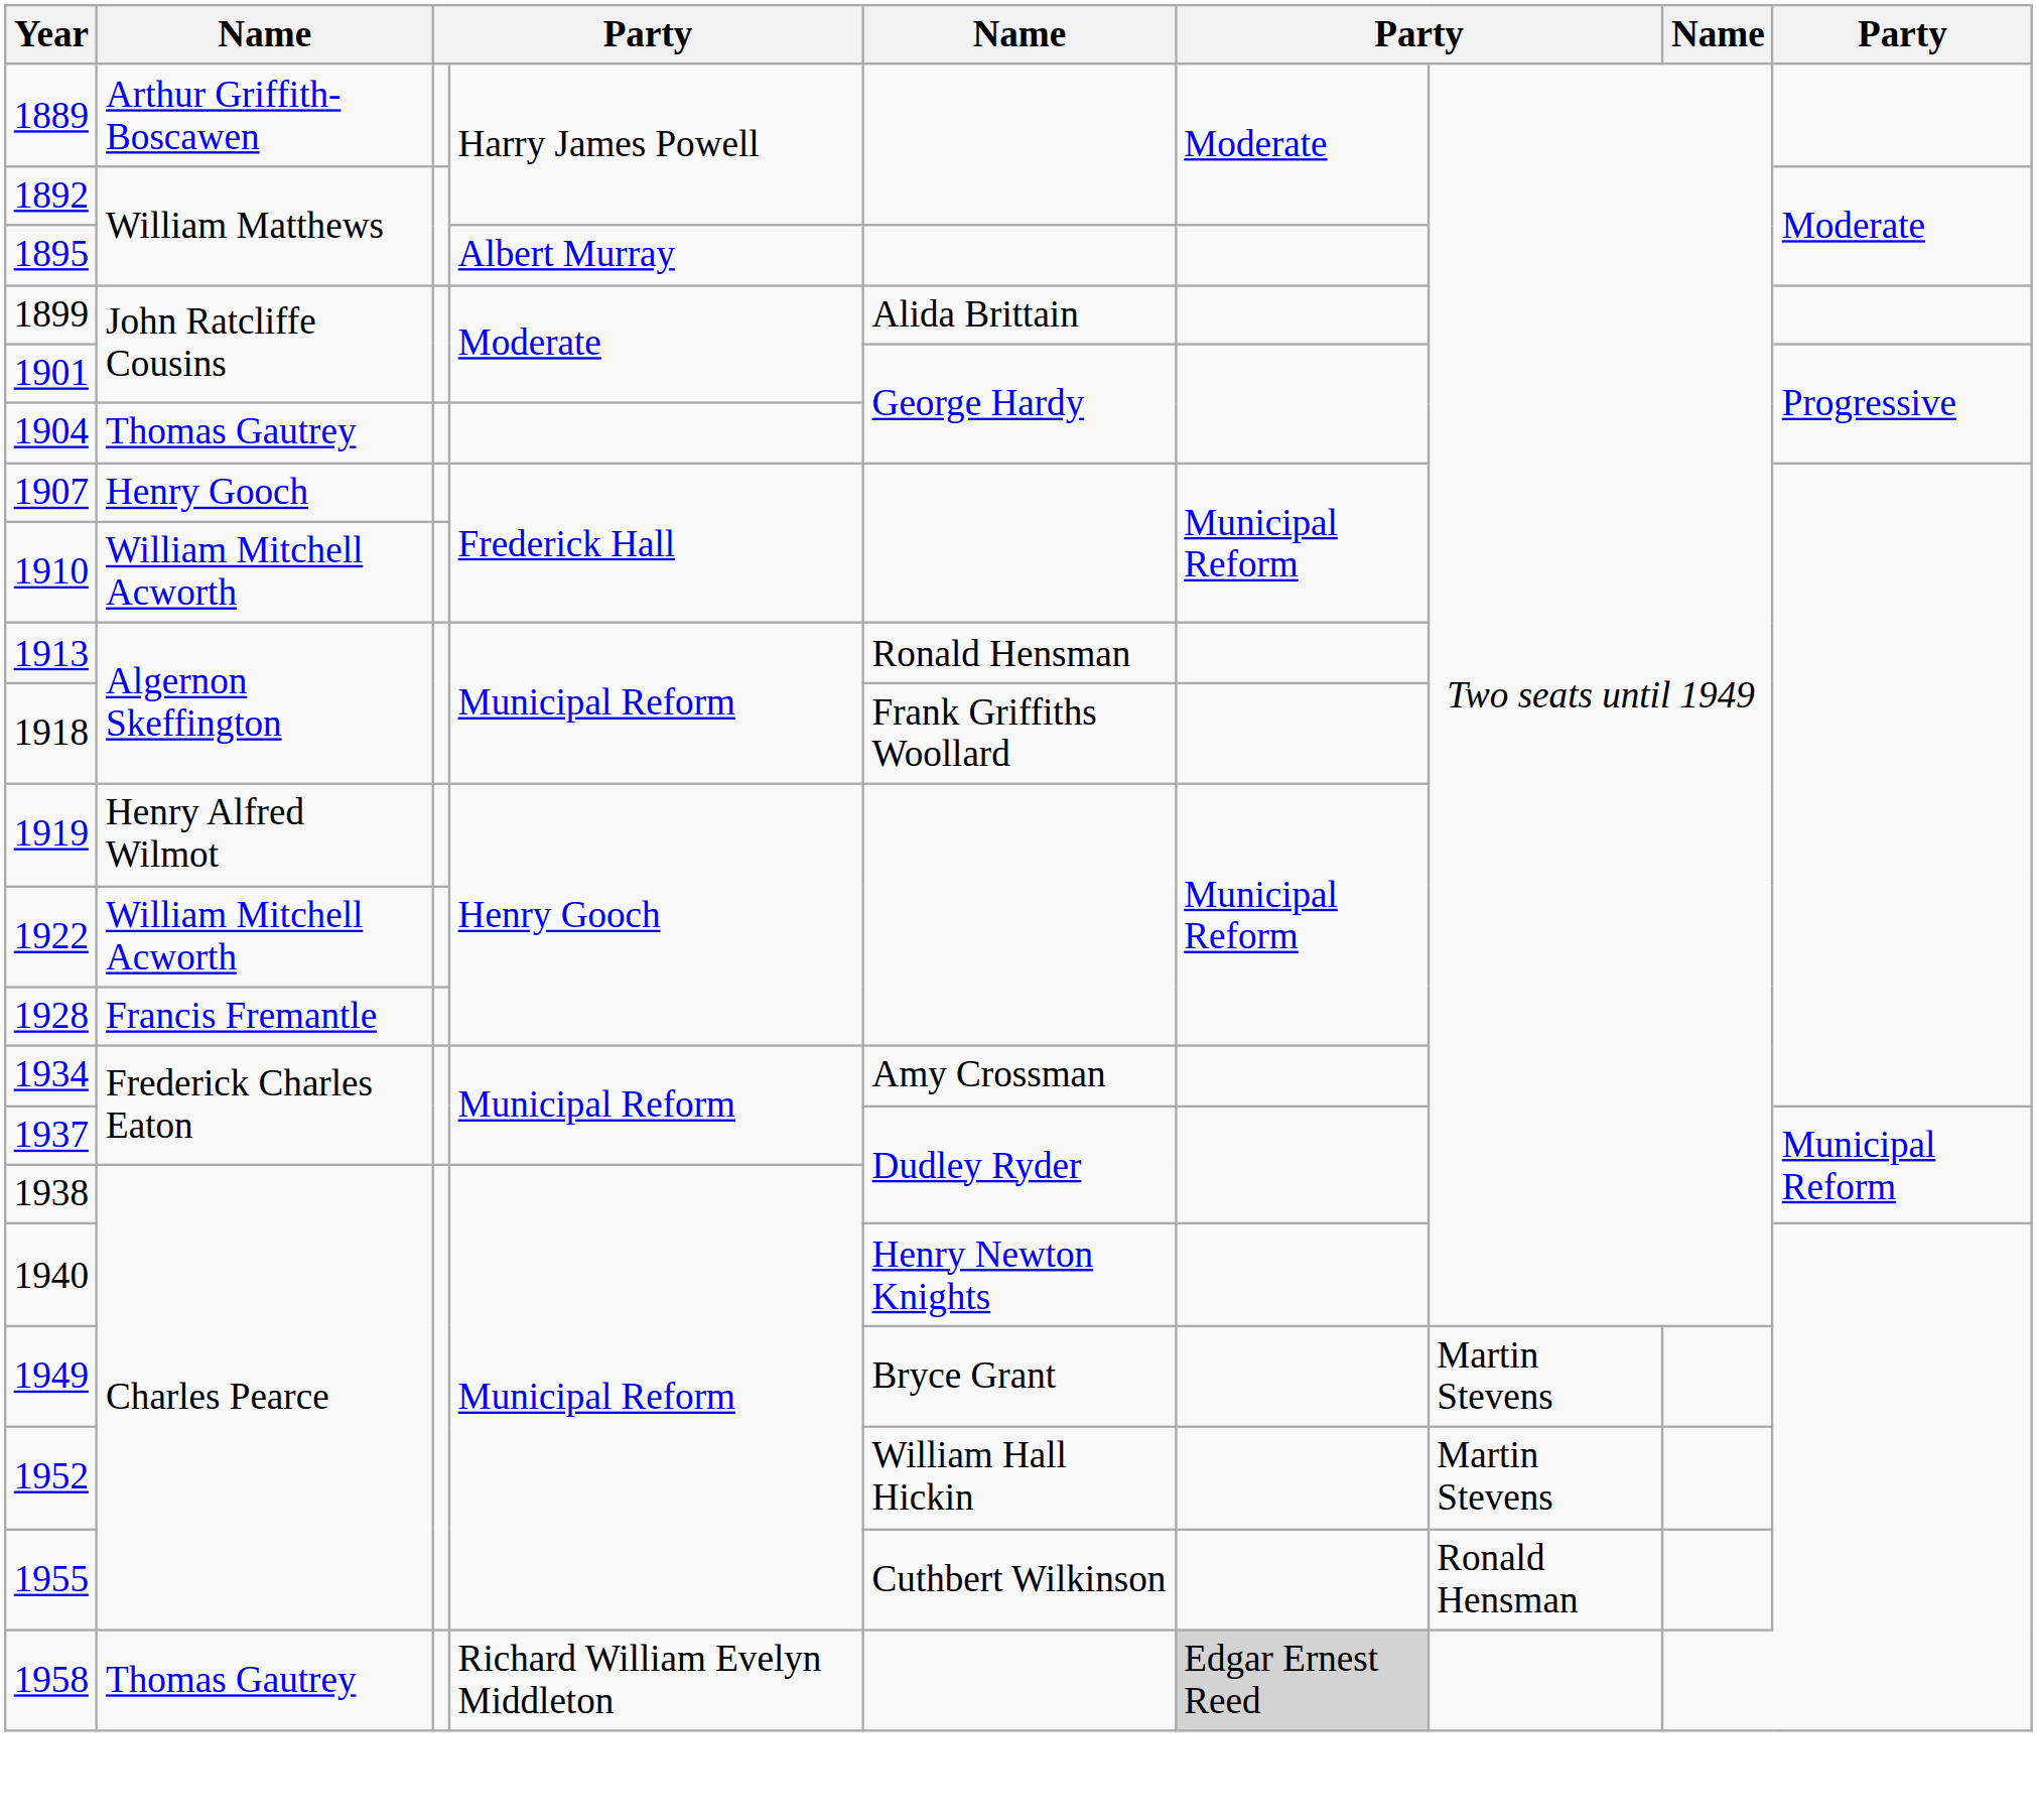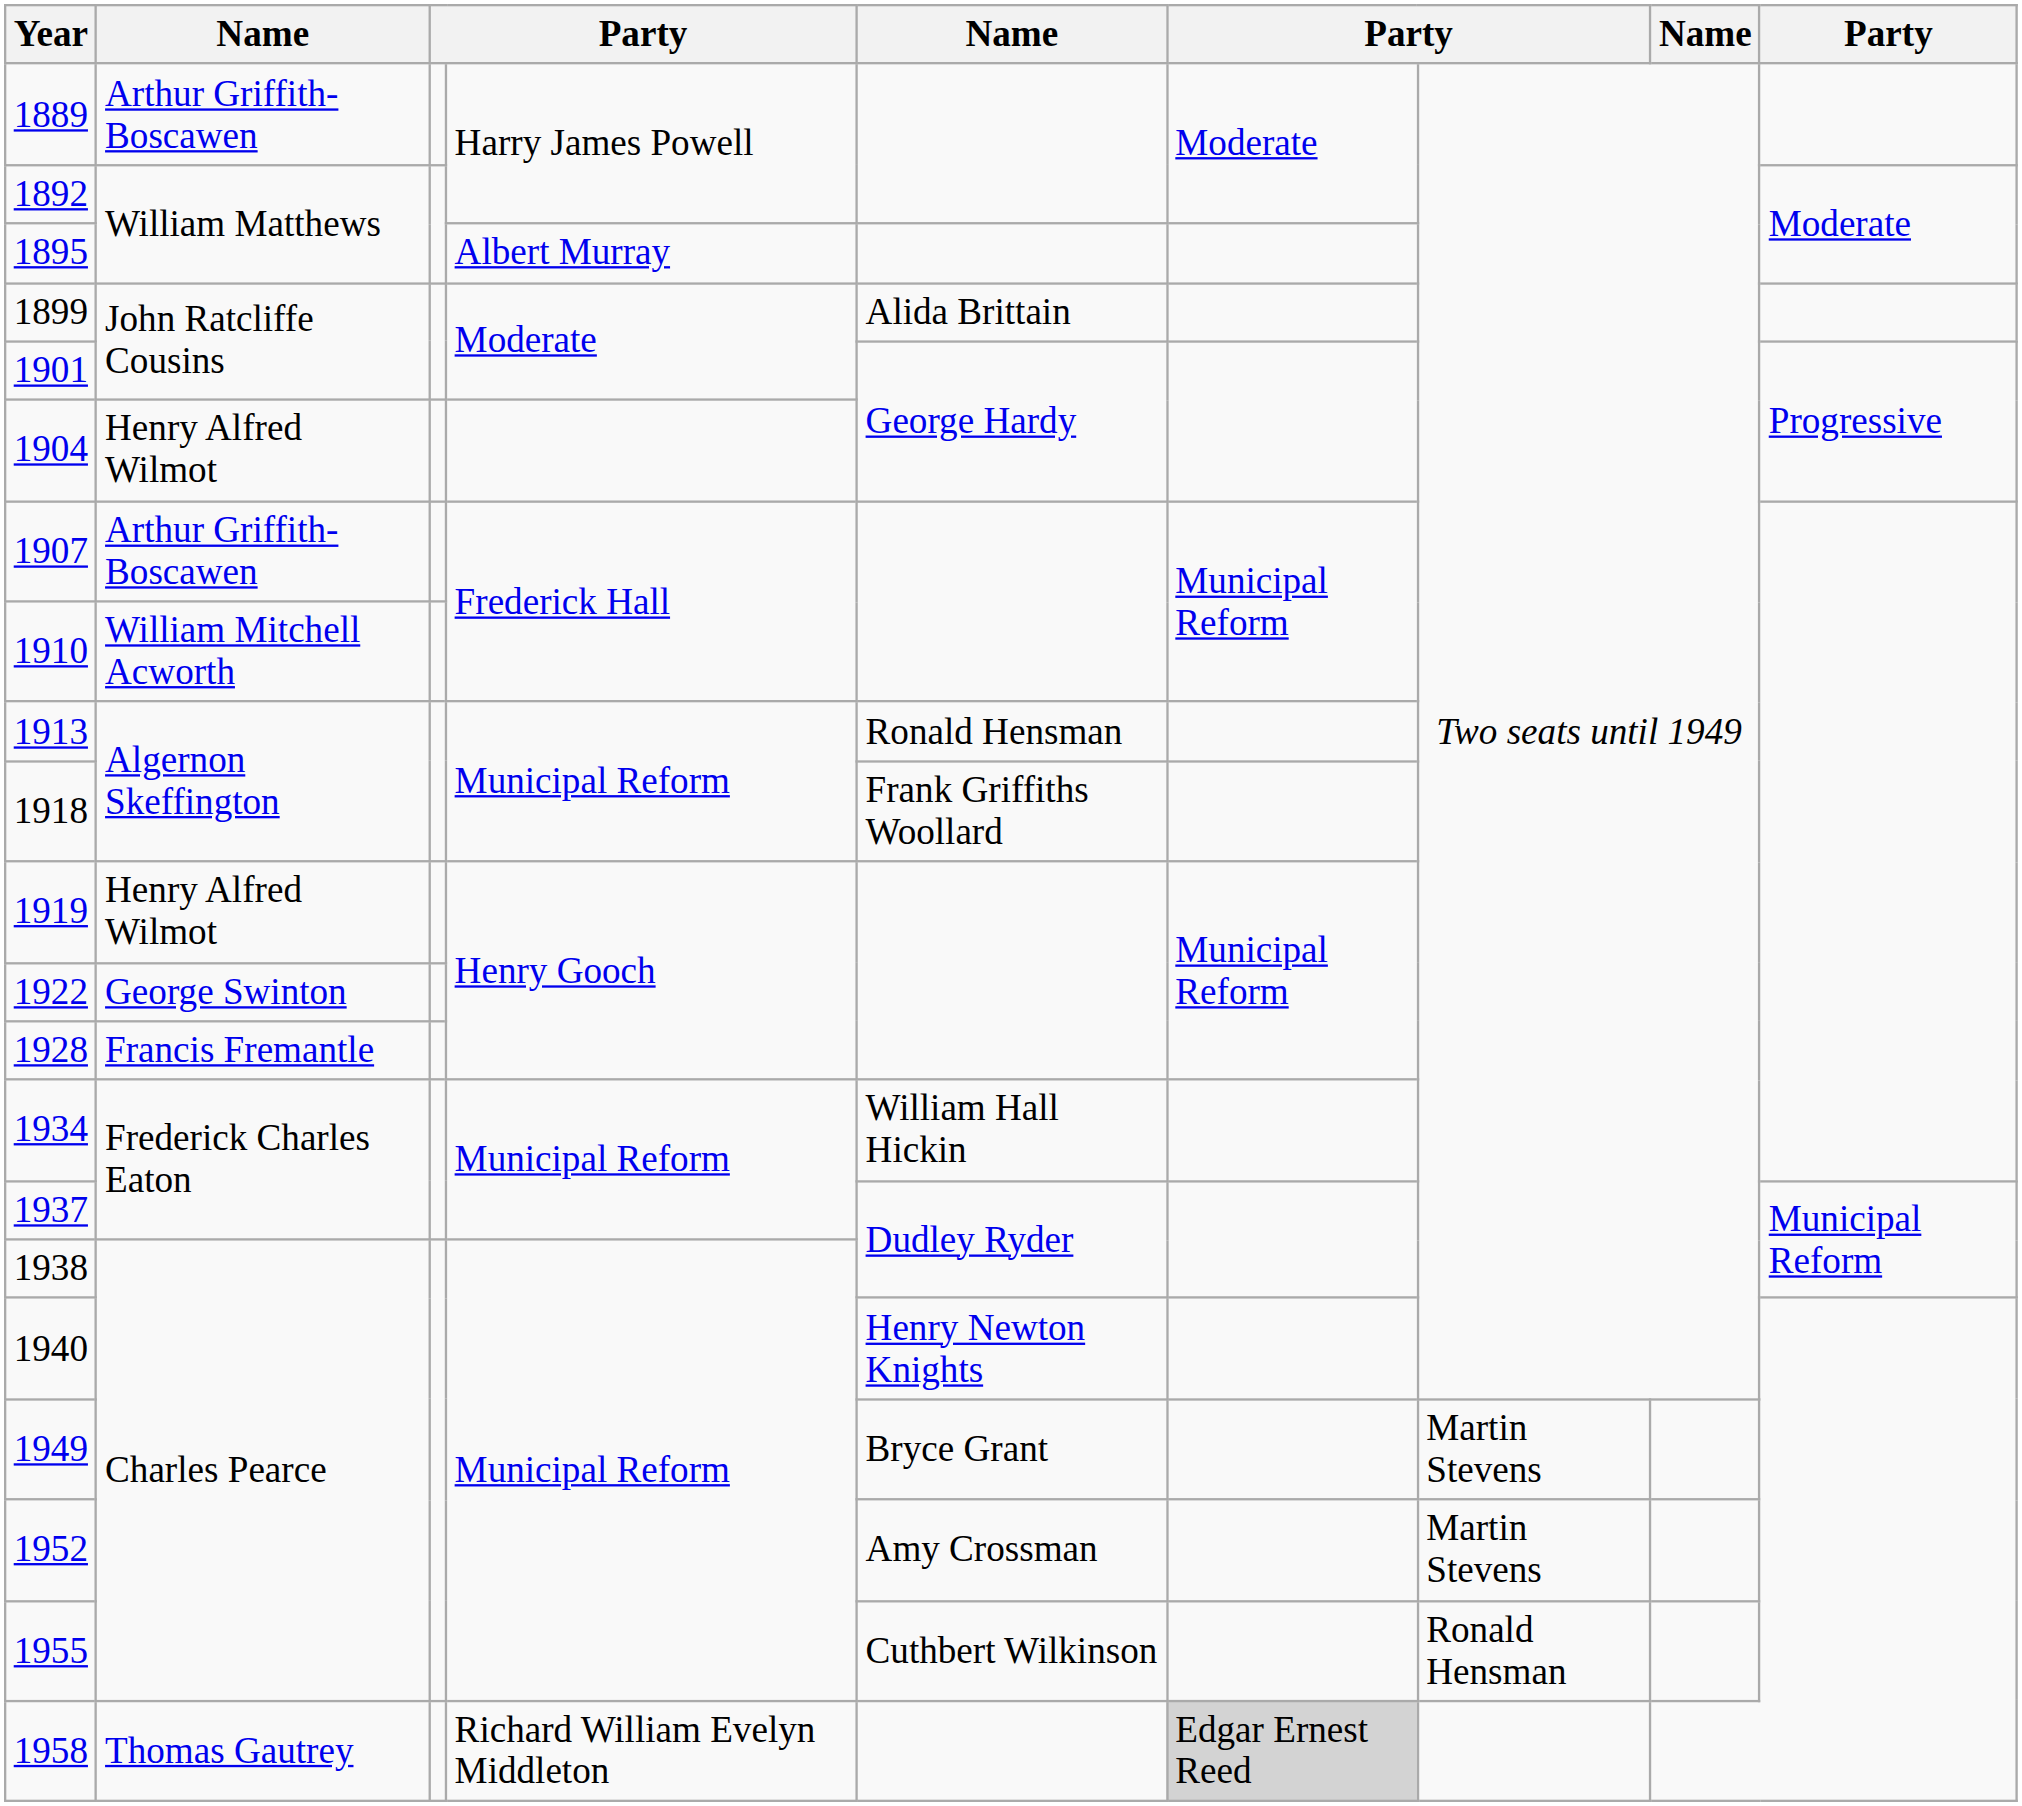 <table class="wikitable">
 <tr>
 <th>Year</th>
 <th>Name</th>
 <th colspan=2>Party</th>
 <th>Name</th>
 <th colspan=2>Party</th>
 <th>Name</th>
 <th colspan=2>Party</th>
 </tr>
 <tr>
 <td><a href='#'>1889</a></td>
 <td><a href='#'>Arthur Griffith-Boscawen</a></td>
 <td></td>
 <td rowspan=2>Harry James Powell</td>
 <td rowspan=2 style="background-color: "></td>
 <td rowspan=2><a href='#'>Moderate</a></td>
 <td rowspan=17 colspan=3 align="center"><em>Two seats until 1949</em></td>
 </tr>
 <tr>
 <td><a href='#'>1892</a></td>
 <td rowspan=2>William Matthews</td>
 <td rowspan=2 style="background-color: "></td>
 <td rowspan=2><a href='#'>Moderate</a></td>
 </tr>
 <tr>
 <td><a href='#'>1895</a></td>
 <td><a href='#'>Albert Murray</a></td>
 <td></td>
 </tr>
 <tr>
 <td>1899</td>
 <td rowspan=2>John Ratcliffe Cousins</td>
 <td rowspan=2 style="background-color: "></td>
 <td rowspan=2><a href='#'>Moderate</a></td>
 <td>Alida Brittain</td>
 <td></td>
 </tr>
 <tr>
 <td><a href='#'>1901</a></td>
 <td rowspan=2><a href='#'>George Hardy</a></td>
 <td rowspan=2 style="background-color: "></td>
 <td rowspan=2><a href='#'>Progressive</a></td>
 </tr>
 <tr>
 <td><a href='#'>1904</a></td>
-<td><a href='#'>Thomas Gautrey</a></td>
+<td>Henry Alfred Wilmot</td>
 <td></td>
 </tr>
 <tr>
 <td><a href='#'>1907</a></td>
-<td><a href='#'>Henry Gooch</a></td>
+<td><a href='#'>Arthur Griffith-Boscawen</a></td>
 <td></td>
 <td rowspan=2><a href='#'>Frederick Hall</a></td>
 <td rowspan=2 style="background-color: "></td>
 <td rowspan=2><a href='#'>Municipal Reform</a></td>
 </tr>
 <tr>
 <td><a href='#'>1910</a></td>
 <td><a href='#'>William Mitchell Acworth</a></td>
 <td></td>
 </tr>
 <tr>
 <td><a href='#'>1913</a></td>
 <td rowspan=2><a href='#'>Algernon Skeffington</a></td>
 <td rowspan=2 style="background-color: "></td>
 <td rowspan=2><a href='#'>Municipal Reform</a></td>
 <td>Ronald Hensman</td>
 <td></td>
 </tr>
 <tr>
 <td>1918</td>
 <td>Frank Griffiths Woollard</td>
 <td></td>
 </tr>
 <tr>
 <td><a href='#'>1919</a></td>
 <td>Henry Alfred Wilmot</td>
 <td></td>
 <td rowspan=3><a href='#'>Henry Gooch</a></td>
 <td rowspan=3 style="background-color: "></td>
 <td rowspan=3><a href='#'>Municipal Reform</a></td>
 </tr>
 <tr>
 <td><a href='#'>1922</a></td>
-<td><a href='#'>William Mitchell Acworth</a></td>
+<td><a href='#'>George Swinton</a></td>
 <td></td>
 </tr>
 <tr>
 <td><a href='#'>1928</a></td>
 <td><a href='#'>Francis Fremantle</a></td>
 <td></td>
 </tr>
 <tr>
 <td><a href='#'>1934</a></td>
 <td rowspan=2>Frederick Charles Eaton</td>
 <td rowspan=2 style="background-color: "></td>
 <td rowspan=2><a href='#'>Municipal Reform</a></td>
-<td>Amy Crossman</td>
+<td>William Hall Hickin</td>
 <td></td>
 </tr>
 <tr>
 <td><a href='#'>1937</a></td>
 <td rowspan=2><a href='#'>Dudley Ryder</a></td>
 <td rowspan=2 style="background-color: "></td>
 <td rowspan=2><a href='#'>Municipal Reform</a></td>
 </tr>
 <tr>
 <td>1938</td>
 <td rowspan=5>Charles Pearce</td>
 <td rowspan=5 style="background-color: "></td>
 <td rowspan=5><a href='#'>Municipal Reform</a></td>
 </tr>
 <tr>
 <td>1940</td>
 <td><a href='#'>Henry Newton Knights</a></td>
 <td></td>
 </tr>
 <tr>
 <td><a href='#'>1949</a></td>
 <td>Bryce Grant</td>
 <td></td>
 <td>Martin Stevens</td>
 <td></td>
 </tr>
 <tr>
 <td><a href='#'>1952</a></td>
-<td>William Hall Hickin</td>
+<td>Amy Crossman</td>
 <td></td>
 <td>Martin Stevens</td>
 <td></td>
 </tr>
 <tr>
 <td><a href='#'>1955</a></td>
 <td>Cuthbert Wilkinson</td>
 <td></td>
 <td>Ronald Hensman</td>
 <td></td>
 </tr>
 <tr>
 <td><a href='#'>1958</a></td>
 <td><a href='#'>Thomas Gautrey</a></td>
 <td></td>
 <td>Richard William Evelyn Middleton</td>
 <td></td>
 <td style="background: lightgrey;">Edgar Ernest Reed</td>
 <td></td>
 </tr>
 </table>
